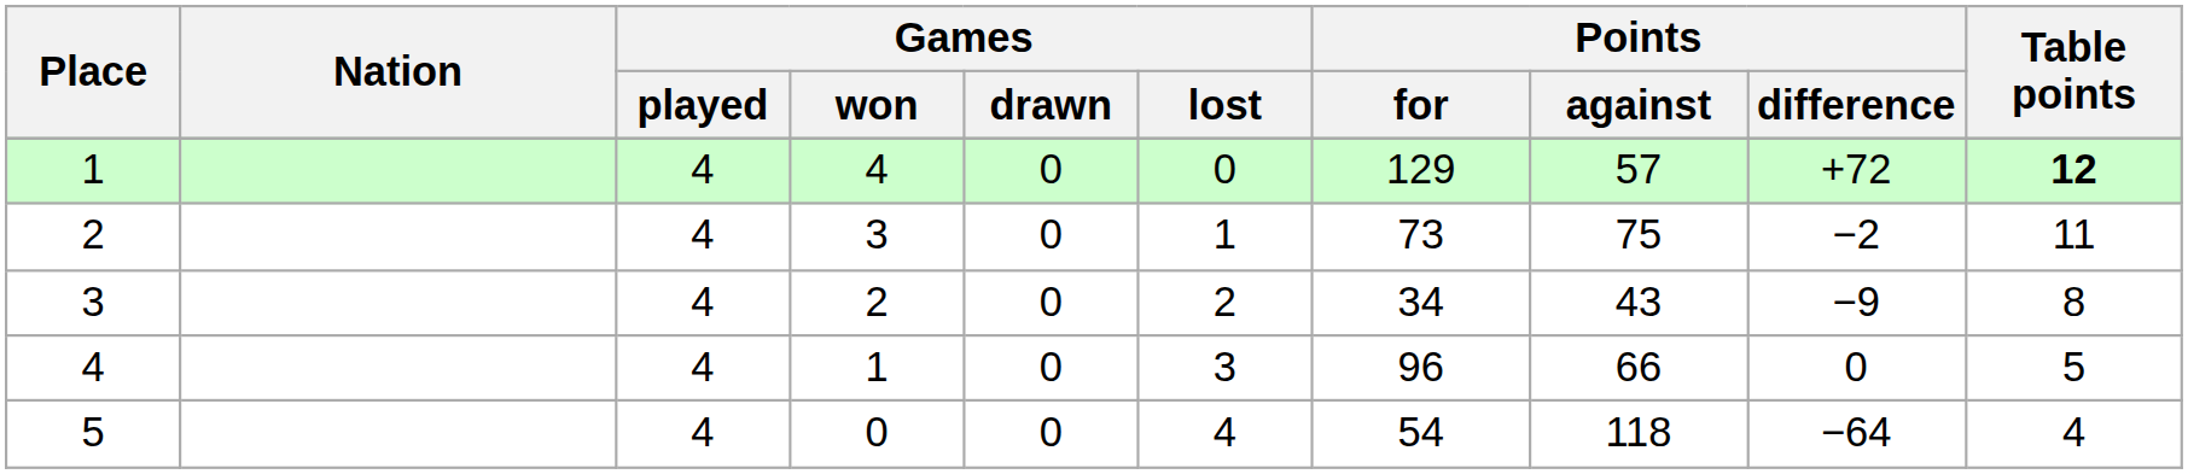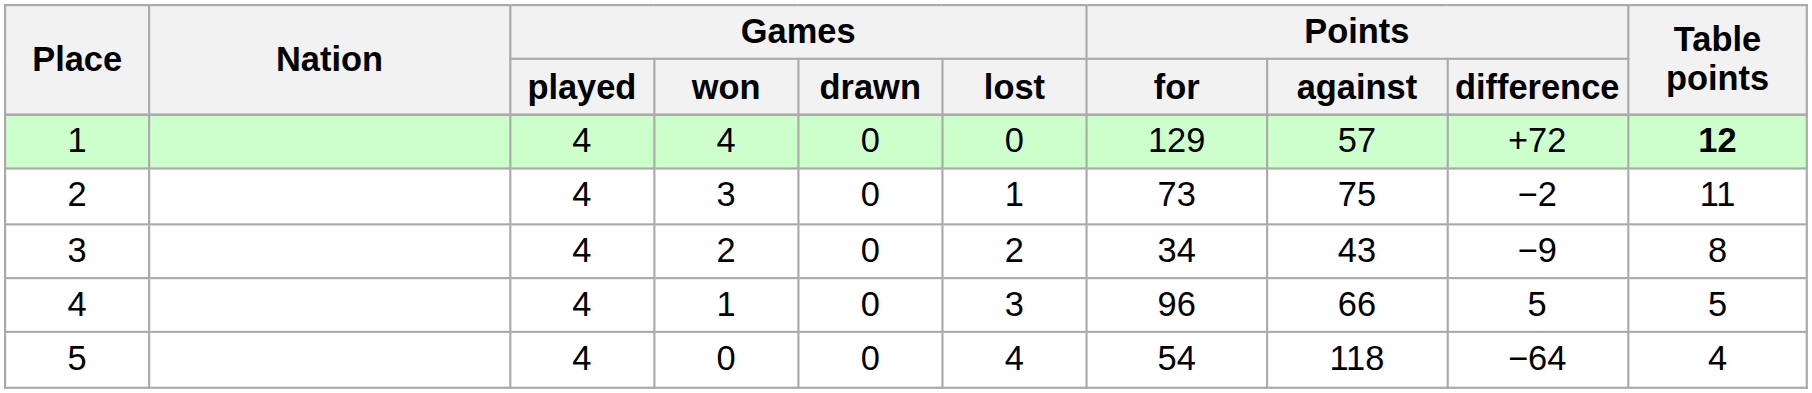 <table class="wikitable">
 <tr>
 <th rowspan=2 width="8%">Place</th>
 <th rowspan=2 width="20%">Nation</th>
 <th colspan=4 width="32%">Games</th>
 <th colspan=3 width="30%">Points</th>
 <th rowspan=2 width="10%">Table<br>points</th>
 </tr>
 <tr>
 <th width="8%">played</th>
 <th width="8%">won</th>
 <th width="8%">drawn</th>
 <th width="8%">lost</th>
 <th width="10%">for</th>
 <th width="10%">against</th>
 <th width="10%">difference</th>
 </tr>
 <tr>
 </tr>
 <tr bgcolor=#ccffcc align=center>
 <td>1</td>
 <td align=left><strong></strong></td>
 <td>4</td>
 <td>4</td>
 <td>0</td>
 <td>0</td>
 <td>129</td>
 <td>57</td>
 <td>+72</td>
 <td><strong>12</strong></td>
 </tr>
 <tr bgcolor=#ffffff align=center>
 <td>2</td>
 <td align=left></td>
 <td>4</td>
 <td>3</td>
 <td>0</td>
 <td>1</td>
 <td>73</td>
 <td>75</td>
 <td>−2</td>
 <td>11</td>
 </tr>
 <tr bgcolor=#ffffff align=center>
 <td>3</td>
 <td align=left></td>
 <td>4</td>
 <td>2</td>
 <td>0</td>
 <td>2</td>
 <td>34</td>
 <td>43</td>
 <td>−9</td>
 <td>8</td>
 </tr>
 <tr bgcolor=#ffffff align=center>
 <td>4</td>
 <td align=left></td>
 <td>4</td>
 <td>1</td>
 <td>0</td>
 <td>3</td>
 <td>96</td>
 <td>66</td>
-<td>0</td>
+<td>5</td>
 <td>5</td>
 </tr>
 <tr bgcolor=#ffffff align=center>
 <td>5</td>
 <td align=left></td>
 <td>4</td>
 <td>0</td>
 <td>0</td>
 <td>4</td>
 <td>54</td>
 <td>118</td>
 <td>−64</td>
 <td>4</td>
 </tr>
 </table>
